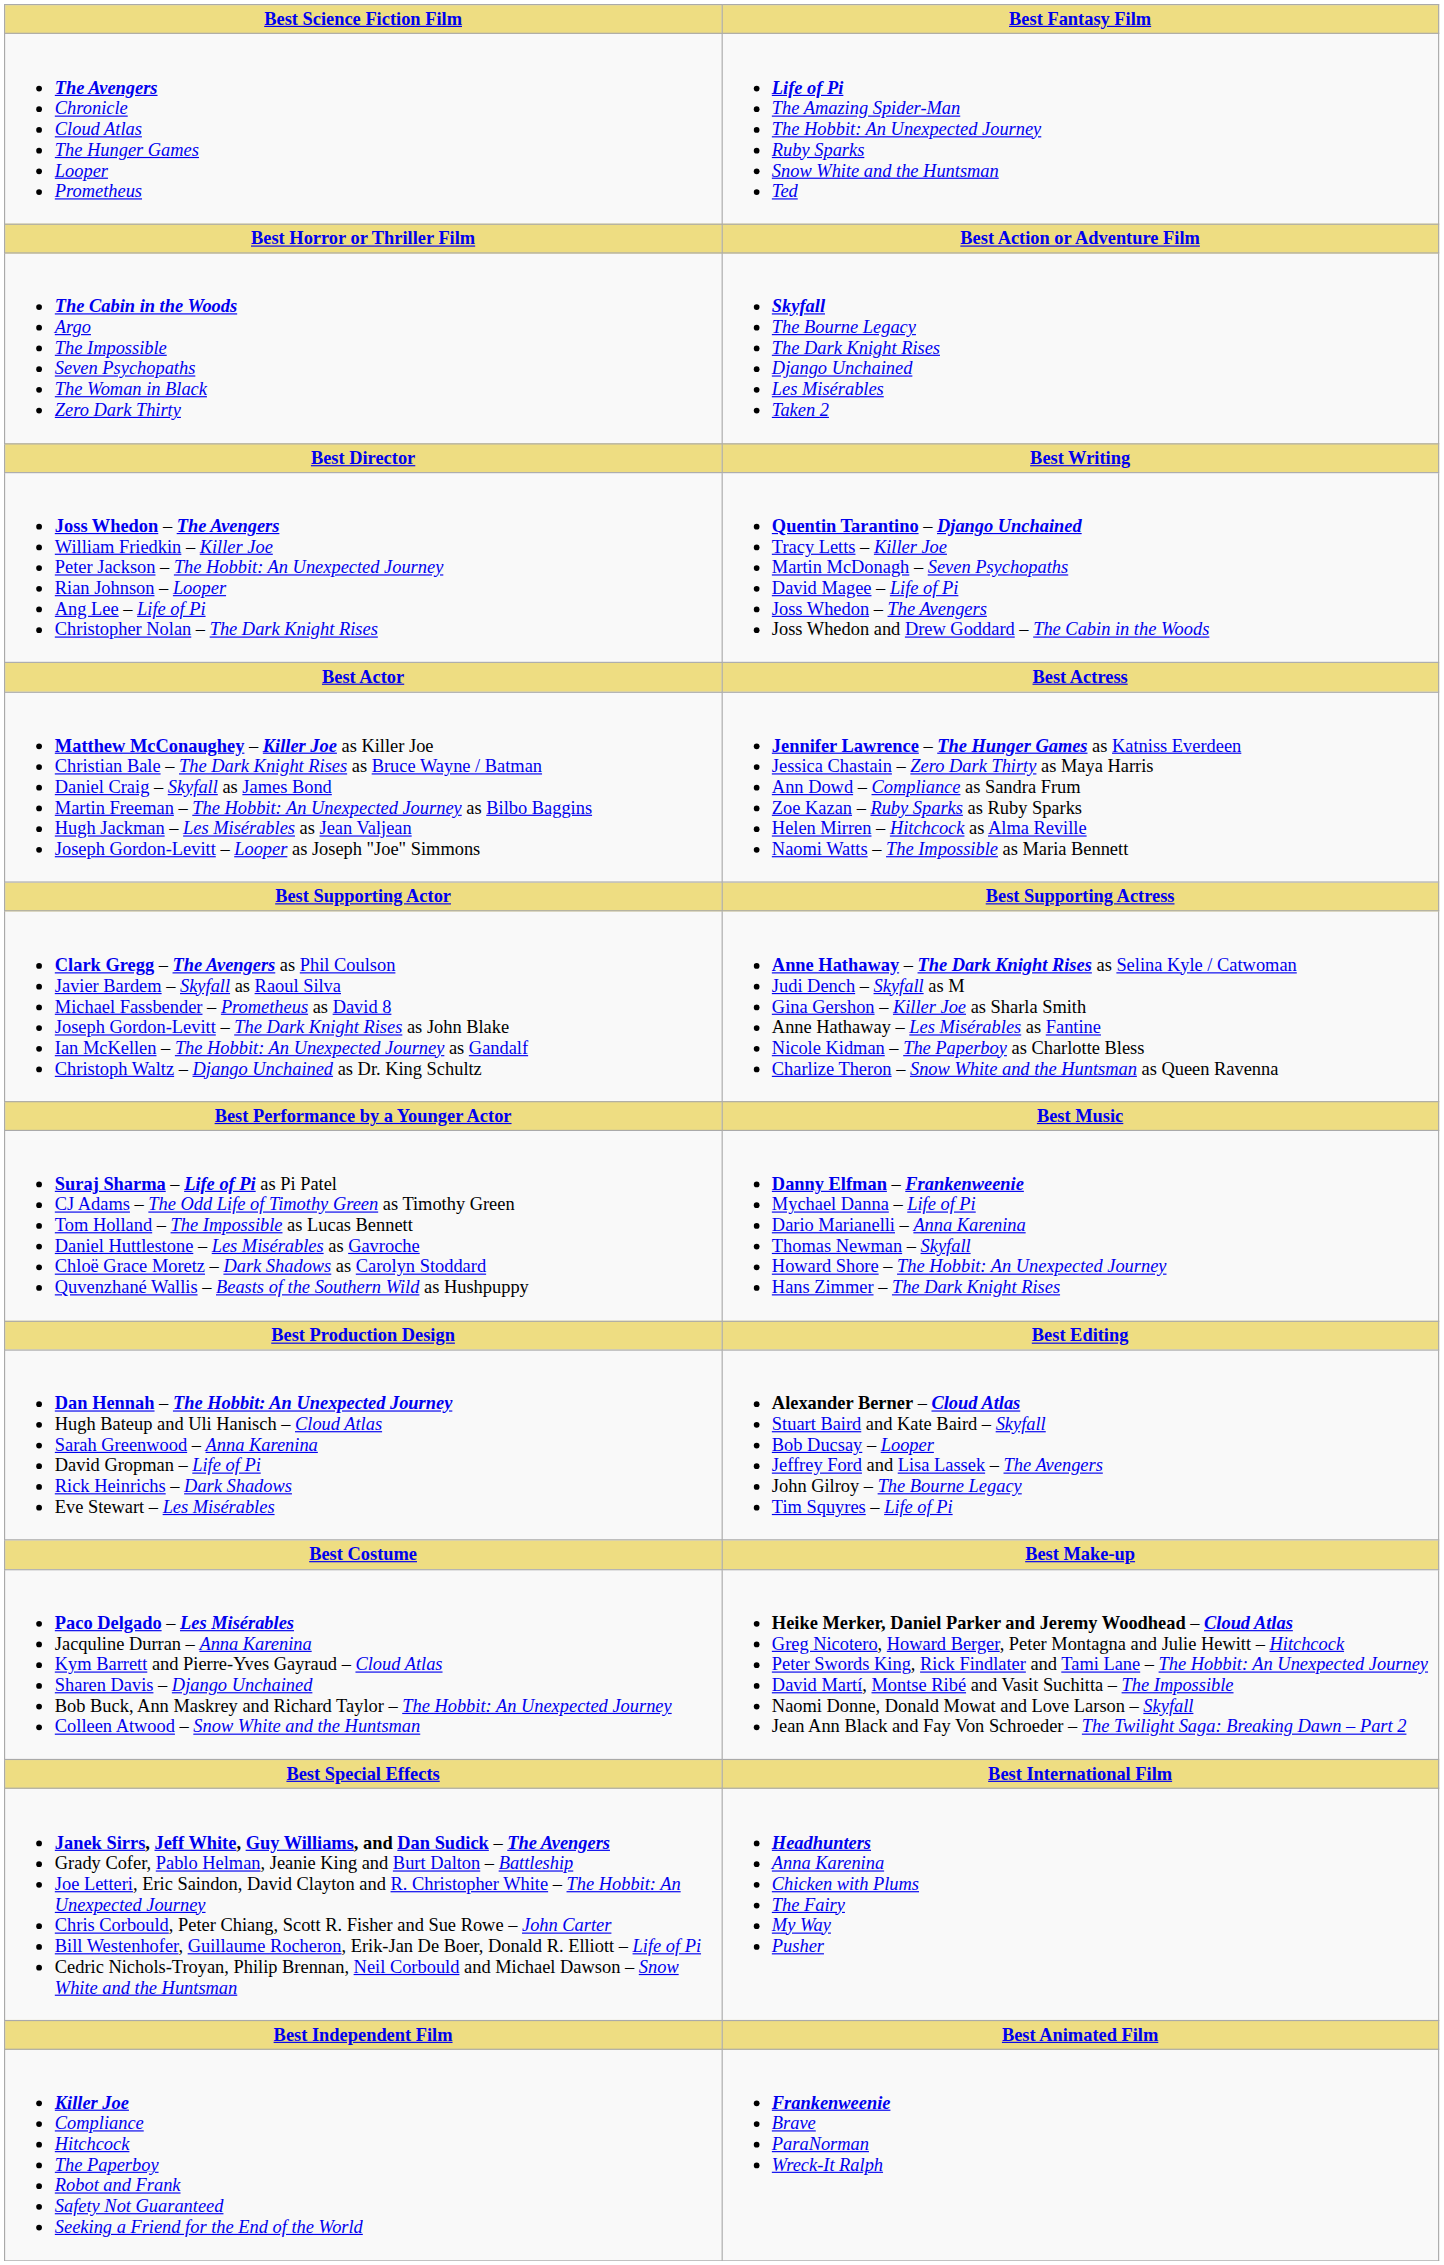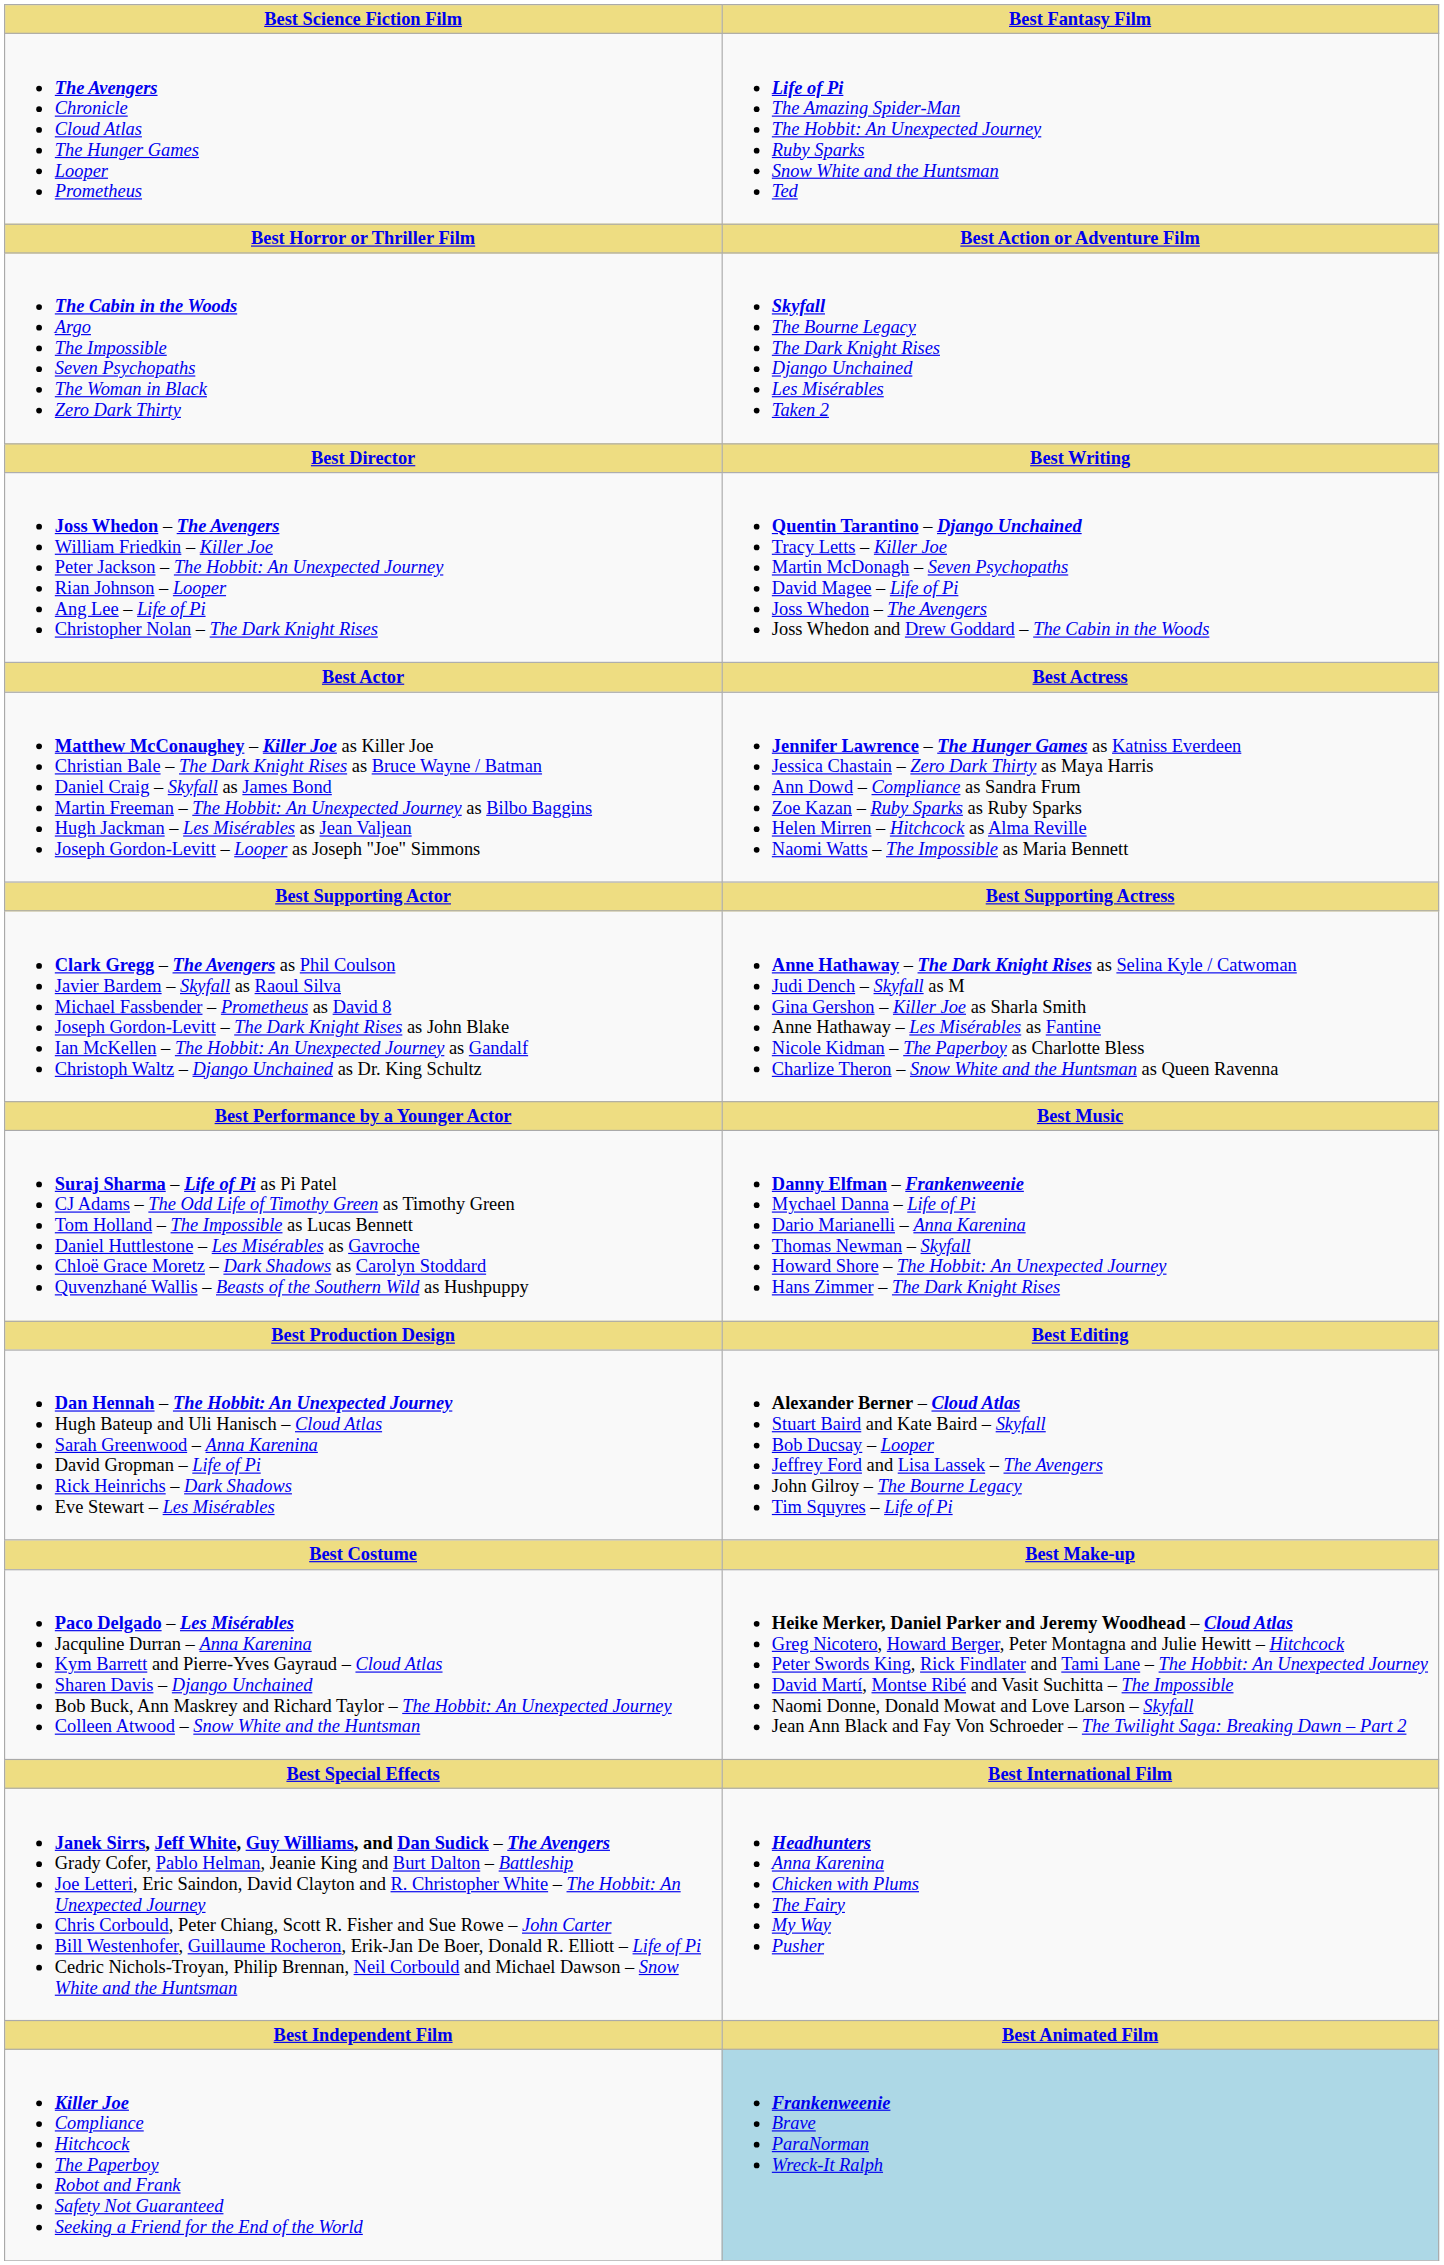 <table class=wikitable>
 <tr>
 <th style="background:#EEDD82; width:50%"><a href='#'>Best Science Fiction Film</a></th>
 <th style="background:#EEDD82; width:50%"><a href='#'>Best Fantasy Film</a></th>
 </tr>
 <tr>
 <td valign="top"><br><ul><li><strong><em><a href='#'>The Avengers</a></em></strong></li><li><em><a href='#'>Chronicle</a></em></li><li><em><a href='#'>Cloud Atlas</a></em></li><li><em><a href='#'>The Hunger Games</a></em></li><li><em><a href='#'>Looper</a></em></li><li><em><a href='#'>Prometheus</a></em></li></ul></td>
 <td valign="top"><br><ul><li><strong><em><a href='#'>Life of Pi</a></em></strong></li><li><em><a href='#'>The Amazing Spider-Man</a></em></li><li><em><a href='#'>The Hobbit: An Unexpected Journey</a></em></li><li><em><a href='#'>Ruby Sparks</a></em></li><li><em><a href='#'>Snow White and the Huntsman</a></em></li><li><em><a href='#'>Ted</a></em></li></ul></td>
 </tr>
 <tr>
 <th style="background:#EEDD82; width:50%"><a href='#'>Best Horror or Thriller Film</a></th>
 <th style="background:#EEDD82; width:50%"><a href='#'>Best Action or Adventure Film</a></th>
 </tr>
 <tr>
 <td valign="top"><br><ul><li><strong><em><a href='#'>The Cabin in the Woods</a></em></strong></li><li><em><a href='#'>Argo</a></em></li><li><em><a href='#'>The Impossible</a></em></li><li><em><a href='#'>Seven Psychopaths</a></em></li><li><em><a href='#'>The Woman in Black</a></em></li><li><em><a href='#'>Zero Dark Thirty</a></em></li></ul></td>
 <td valign="top"><br><ul><li><strong><em><a href='#'>Skyfall</a></em></strong></li><li><em><a href='#'>The Bourne Legacy</a></em></li><li><em><a href='#'>The Dark Knight Rises</a></em></li><li><em><a href='#'>Django Unchained</a></em></li><li><em><a href='#'>Les Misérables</a></em></li><li><em><a href='#'>Taken 2</a></em></li></ul></td>
 </tr>
 <tr>
 <th style="background:#EEDD82"><a href='#'>Best Director</a></th>
 <th style="background:#EEDD82"><a href='#'>Best Writing</a></th>
 </tr>
 <tr>
 <td valign="top"><br><ul><li><strong><a href='#'>Joss Whedon</a></strong> – <strong><em><a href='#'>The Avengers</a></em></strong></li><li><a href='#'>William Friedkin</a> – <em><a href='#'>Killer Joe</a></em></li><li><a href='#'>Peter Jackson</a> – <em><a href='#'>The Hobbit: An Unexpected Journey</a></em></li><li><a href='#'>Rian Johnson</a> – <em><a href='#'>Looper</a></em></li><li><a href='#'>Ang Lee</a> – <em><a href='#'>Life of Pi</a></em></li><li><a href='#'>Christopher Nolan</a> – <em><a href='#'>The Dark Knight Rises</a></em></li></ul></td>
 <td valign="top"><br><ul><li><strong><a href='#'>Quentin Tarantino</a></strong> – <strong><em><a href='#'>Django Unchained</a></em></strong></li><li><a href='#'>Tracy Letts</a> – <em><a href='#'>Killer Joe</a></em></li><li><a href='#'>Martin McDonagh</a> – <em><a href='#'>Seven Psychopaths</a></em></li><li><a href='#'>David Magee</a> – <em><a href='#'>Life of Pi</a></em></li><li><a href='#'>Joss Whedon</a> – <em><a href='#'>The Avengers</a></em></li><li>Joss Whedon and <a href='#'>Drew Goddard</a> – <em><a href='#'>The Cabin in the Woods</a></em></li></ul></td>
 </tr>
 <tr>
 <th style="background:#EEDD82"><a href='#'>Best Actor</a></th>
 <th style="background:#EEDD82"><a href='#'>Best Actress</a></th>
 </tr>
 <tr>
 <td valign="top"><br><ul><li><strong><a href='#'>Matthew McConaughey</a></strong> – <strong><em><a href='#'>Killer Joe</a></em></strong> as Killer Joe</li><li><a href='#'>Christian Bale</a> – <em><a href='#'>The Dark Knight Rises</a></em> as <a href='#'>Bruce Wayne / Batman</a></li><li><a href='#'>Daniel Craig</a> – <em><a href='#'>Skyfall</a></em> as <a href='#'>James Bond</a></li><li><a href='#'>Martin Freeman</a> – <em><a href='#'>The Hobbit: An Unexpected Journey</a></em> as <a href='#'>Bilbo Baggins</a></li><li><a href='#'>Hugh Jackman</a>  – <em><a href='#'>Les Misérables</a></em> as <a href='#'>Jean Valjean</a></li><li><a href='#'>Joseph Gordon-Levitt</a>  – <em><a href='#'>Looper</a></em> as Joseph "Joe" Simmons</li></ul></td>
 <td valign="top"><br><ul><li><strong><a href='#'>Jennifer Lawrence</a></strong> – <strong><em><a href='#'>The Hunger Games</a></em></strong> as <a href='#'>Katniss Everdeen</a></li><li><a href='#'>Jessica Chastain</a> – <em><a href='#'>Zero Dark Thirty</a></em> as Maya Harris</li><li><a href='#'>Ann Dowd</a> – <em><a href='#'>Compliance</a></em> as Sandra Frum</li><li><a href='#'>Zoe Kazan</a> – <em><a href='#'>Ruby Sparks</a></em> as Ruby Sparks</li><li><a href='#'>Helen Mirren</a> – <em><a href='#'>Hitchcock</a></em> as <a href='#'>Alma Reville</a></li><li><a href='#'>Naomi Watts</a> – <em><a href='#'>The Impossible</a></em> as Maria Bennett</li></ul></td>
 </tr>
 <tr>
 <th style="background:#EEDD82"><a href='#'>Best Supporting Actor</a></th>
 <th style="background:#EEDD82"><a href='#'>Best Supporting Actress</a></th>
 </tr>
 <tr>
 <td valign="top"><br><ul><li><strong><a href='#'>Clark Gregg</a></strong> – <strong><em><a href='#'>The Avengers</a></em></strong> as <a href='#'>Phil Coulson</a></li><li><a href='#'>Javier Bardem</a> – <em><a href='#'>Skyfall</a></em> as <a href='#'>Raoul Silva</a></li><li><a href='#'>Michael Fassbender</a> – <em><a href='#'>Prometheus</a></em> as <a href='#'>David 8</a></li><li><a href='#'>Joseph Gordon-Levitt</a> – <em><a href='#'>The Dark Knight Rises</a></em> as John Blake</li><li><a href='#'>Ian McKellen</a> – <em><a href='#'>The Hobbit: An Unexpected Journey</a></em> as <a href='#'>Gandalf</a></li><li><a href='#'>Christoph Waltz</a> – <em><a href='#'>Django Unchained</a></em> as  Dr. King Schultz</li></ul></td>
 <td valign="top"><br><ul><li><strong><a href='#'>Anne Hathaway</a></strong> – <strong><em><a href='#'>The Dark Knight Rises</a></em></strong> as <a href='#'>Selina Kyle / Catwoman</a></li><li><a href='#'>Judi Dench</a> – <em><a href='#'>Skyfall</a></em> as M</li><li><a href='#'>Gina Gershon</a> – <em><a href='#'>Killer Joe</a></em> as Sharla Smith</li><li>Anne Hathaway – <em><a href='#'>Les Misérables</a></em> as <a href='#'>Fantine</a></li><li><a href='#'>Nicole Kidman</a> – <em><a href='#'>The Paperboy</a></em> as Charlotte Bless</li><li><a href='#'>Charlize Theron</a> – <em><a href='#'>Snow White and the Huntsman</a></em> as Queen Ravenna</li></ul></td>
 </tr>
 <tr>
 <th style="background:#EEDD82"><a href='#'>Best Performance by a Younger Actor</a></th>
 <th style="background:#EEDD82"><a href='#'>Best Music</a></th>
 </tr>
 <tr>
 <td valign="top"><br><ul><li><strong><a href='#'>Suraj Sharma</a></strong> – <strong><em><a href='#'>Life of Pi</a></em></strong> as Pi Patel</li><li><a href='#'>CJ Adams</a> – <em><a href='#'>The Odd Life of Timothy Green</a></em> as Timothy Green</li><li><a href='#'>Tom Holland</a> – <em><a href='#'>The Impossible</a></em> as Lucas Bennett</li><li><a href='#'>Daniel Huttlestone</a> – <em><a href='#'>Les Misérables</a></em> as <a href='#'>Gavroche</a></li><li><a href='#'>Chloë Grace Moretz</a> – <em><a href='#'>Dark Shadows</a></em> as <a href='#'>Carolyn Stoddard</a></li><li><a href='#'>Quvenzhané Wallis</a> – <em><a href='#'>Beasts of the Southern Wild</a></em> as Hushpuppy</li></ul></td>
 <td valign="top"><br><ul><li><strong><a href='#'>Danny Elfman</a></strong> – <strong><em><a href='#'>Frankenweenie</a></em></strong></li><li><a href='#'>Mychael Danna</a> – <em><a href='#'>Life of Pi</a></em></li><li><a href='#'>Dario Marianelli</a> – <em><a href='#'>Anna Karenina</a></em></li><li><a href='#'>Thomas Newman</a> – <em><a href='#'>Skyfall</a></em></li><li><a href='#'>Howard Shore</a> – <em><a href='#'>The Hobbit: An Unexpected Journey</a></em></li><li><a href='#'>Hans Zimmer</a> – <em><a href='#'>The Dark Knight Rises</a></em></li></ul></td>
 </tr>
 <tr>
 <th style="background:#EEDD82"><a href='#'>Best Production Design</a></th>
 <th style="background:#EEDD82"><a href='#'>Best Editing</a></th>
 </tr>
 <tr>
 <td valign="top"><br><ul><li><strong><a href='#'>Dan Hennah</a></strong> – <strong><em><a href='#'>The Hobbit: An Unexpected Journey</a></em></strong></li><li>Hugh Bateup and Uli Hanisch – <em><a href='#'>Cloud Atlas</a></em></li><li><a href='#'>Sarah Greenwood</a> – <em><a href='#'>Anna Karenina</a></em></li><li>David Gropman – <em><a href='#'>Life of Pi</a></em></li><li><a href='#'>Rick Heinrichs</a> – <em><a href='#'>Dark Shadows</a></em></li><li>Eve Stewart – <em><a href='#'>Les Misérables</a></em></li></ul></td>
 <td valign="top"><br><ul><li><strong>Alexander Berner</strong> – <strong><em><a href='#'>Cloud Atlas</a></em></strong></li><li><a href='#'>Stuart Baird</a> and Kate Baird – <em><a href='#'>Skyfall</a></em></li><li><a href='#'>Bob Ducsay</a> – <em><a href='#'>Looper</a></em></li><li><a href='#'>Jeffrey Ford</a> and <a href='#'>Lisa Lassek</a> – <em><a href='#'>The Avengers</a></em></li><li>John Gilroy – <em><a href='#'>The Bourne Legacy</a></em></li><li><a href='#'>Tim Squyres</a> – <em><a href='#'>Life of Pi</a></em></li></ul></td>
 </tr>
 <tr>
 <th style="background:#EEDD82"><a href='#'>Best Costume</a></th>
 <th style="background:#EEDD82"><a href='#'>Best Make-up</a></th>
 </tr>
 <tr>
 <td valign="top"><br><ul><li><strong><a href='#'>Paco Delgado</a></strong> – <strong><em><a href='#'>Les Misérables</a></em></strong></li><li>Jacquline Durran – <em><a href='#'>Anna Karenina</a></em></li><li><a href='#'>Kym Barrett</a> and Pierre-Yves Gayraud – <em><a href='#'>Cloud Atlas</a></em></li><li><a href='#'>Sharen Davis</a> – <em><a href='#'>Django Unchained</a></em></li><li>Bob Buck, Ann Maskrey and Richard Taylor – <em><a href='#'>The Hobbit: An Unexpected Journey</a></em></li><li><a href='#'>Colleen Atwood</a> – <em><a href='#'>Snow White and the Huntsman</a></em></li></ul></td>
 <td valign="top"><br><ul><li><strong>Heike Merker, Daniel Parker and Jeremy Woodhead</strong> – <strong><em><a href='#'>Cloud Atlas</a></em></strong></li><li><a href='#'>Greg Nicotero</a>, <a href='#'>Howard Berger</a>, Peter Montagna and Julie Hewitt – <em><a href='#'>Hitchcock</a></em></li><li><a href='#'>Peter Swords King</a>, <a href='#'>Rick Findlater</a> and <a href='#'>Tami Lane</a> – <em><a href='#'>The Hobbit: An Unexpected Journey</a></em></li><li><a href='#'>David Martí</a>, <a href='#'>Montse Ribé</a> and Vasit Suchitta – <em><a href='#'>The Impossible</a></em></li><li>Naomi Donne, Donald Mowat and Love Larson – <em><a href='#'>Skyfall</a></em></li><li>Jean Ann Black and Fay Von Schroeder – <em><a href='#'>The Twilight Saga: Breaking Dawn – Part 2</a></em></li></ul></td>
 </tr>
 <tr>
 <th style="background:#EEDD82"><a href='#'>Best Special Effects</a></th>
 <th style="background:#EEDD82"><a href='#'>Best International Film</a></th>
 </tr>
 <tr>
 <td valign="top"><br><ul><li><strong><a href='#'>Janek Sirrs</a>, <a href='#'>Jeff White</a>, <a href='#'>Guy Williams</a>, and <a href='#'>Dan Sudick</a></strong> – <strong><em><a href='#'>The Avengers</a></em></strong></li><li>Grady Cofer, <a href='#'>Pablo Helman</a>, Jeanie King and <a href='#'>Burt Dalton</a> – <em><a href='#'>Battleship</a></em></li><li><a href='#'>Joe Letteri</a>, Eric Saindon, David Clayton and <a href='#'>R. Christopher White</a> – <em><a href='#'>The Hobbit: An Unexpected Journey</a></em></li><li><a href='#'>Chris Corbould</a>, Peter Chiang, Scott R. Fisher and Sue Rowe – <em><a href='#'>John Carter</a></em></li><li><a href='#'>Bill Westenhofer</a>, <a href='#'>Guillaume Rocheron</a>, Erik-Jan De Boer, Donald R. Elliott – <em><a href='#'>Life of Pi</a></em></li><li>Cedric Nichols-Troyan, Philip Brennan, <a href='#'>Neil Corbould</a> and Michael Dawson – <em><a href='#'>Snow White and the Huntsman</a></em></li></ul></td>
 <td valign="top"><br><ul><li><strong><em><a href='#'>Headhunters</a></em></strong></li><li><em><a href='#'>Anna Karenina</a></em></li><li><em><a href='#'>Chicken with Plums</a></em></li><li><em><a href='#'>The Fairy</a></em></li><li><em><a href='#'>My Way</a></em></li><li><em><a href='#'>Pusher</a></em></li></ul></td>
 </tr>
 <tr>
 <th style="background:#EEDD82"><a href='#'>Best Independent Film</a></th>
 <th style="background:#EEDD82"><a href='#'>Best Animated Film</a></th>
 </tr>
 <tr>
 <td valign="top"><br><ul><li><strong><em><a href='#'>Killer Joe</a></em></strong></li><li><em><a href='#'>Compliance</a></em></li><li><em><a href='#'>Hitchcock</a></em></li><li><em><a href='#'>The Paperboy</a></em></li><li><em><a href='#'>Robot and Frank</a></em></li><li><em><a href='#'>Safety Not Guaranteed</a></em></li><li><em><a href='#'>Seeking a Friend for the End of the World</a></em></li></ul></td>
-<td valign="top"><br><ul><li><strong><em><a href='#'>Frankenweenie</a></em></strong></li><li><em><a href='#'>Brave</a></em></li><li><em><a href='#'>ParaNorman</a></em></li><li><em><a href='#'>Wreck-It Ralph</a></em></li></ul></td>
+<td valign="top" style="background: lightblue;"><br><ul><li><strong><em><a href='#'>Frankenweenie</a></em></strong></li><li><em><a href='#'>Brave</a></em></li><li><em><a href='#'>ParaNorman</a></em></li><li><em><a href='#'>Wreck-It Ralph</a></em></li></ul></td>
 </tr>
 </table>
